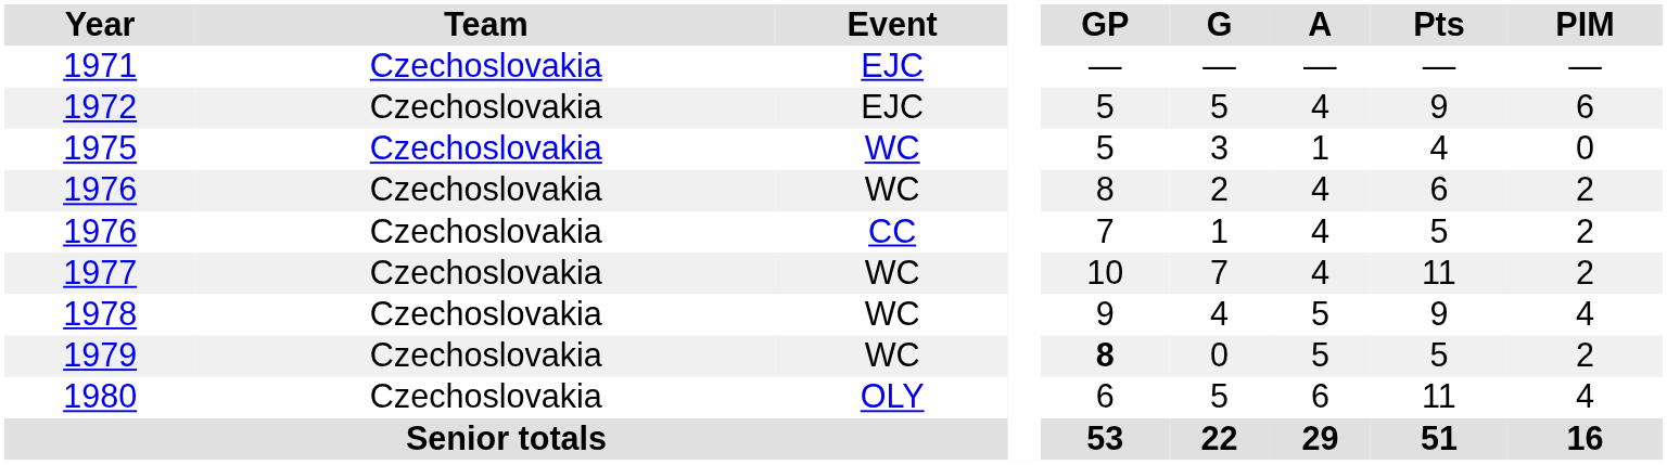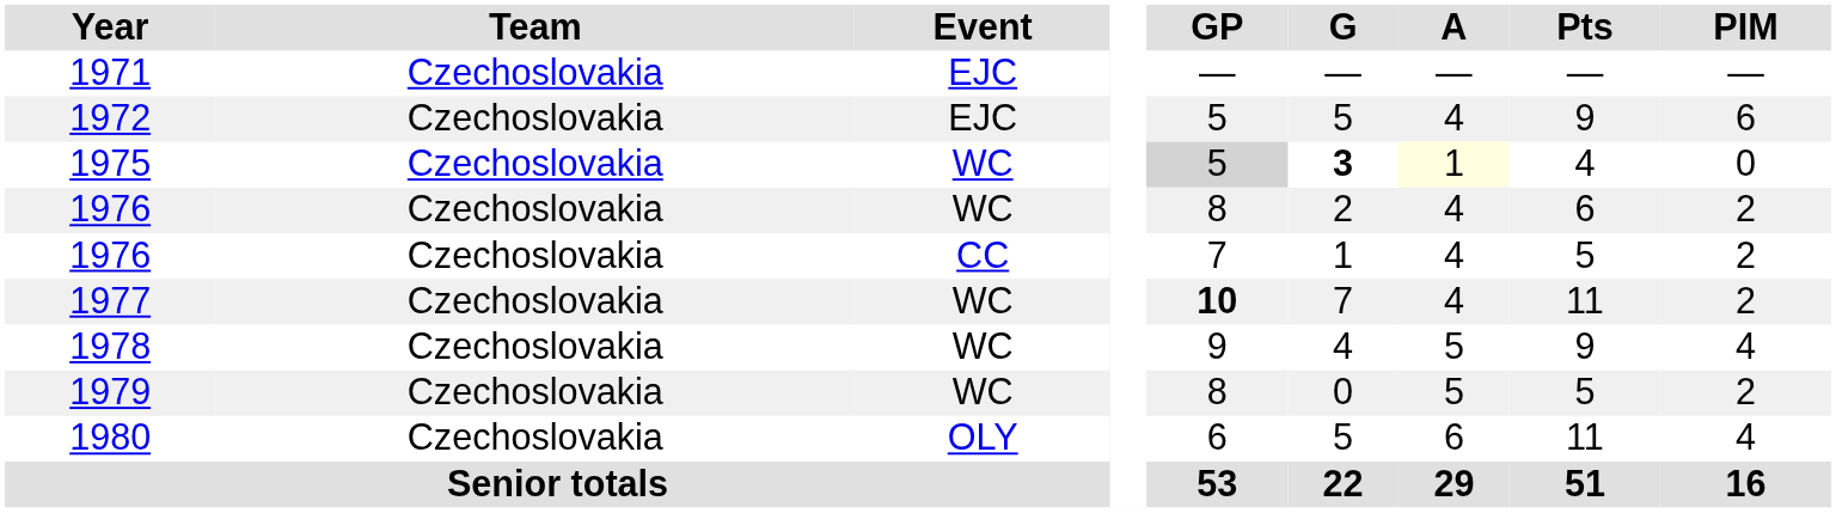 <table border="0" cellpadding="1" cellspacing="0" style="text-align:center; width:50em">
 <tr ALIGN="center" bgcolor="#e0e0e0">
 <th>Year</th>
 <th>Team</th>
 <th>Event</th>
 <th rowspan="99" bgcolor="#ffffff"> </th>
 <th>GP</th>
 <th>G</th>
 <th>A</th>
 <th>Pts</th>
 <th>PIM</th>
 </tr>
 <tr>
 <td><a href='#'>1971</a></td>
 <td><a href='#'>Czechoslovakia</a></td>
 <td><a href='#'>EJC</a></td>
 <td>—</td>
 <td>—</td>
 <td>—</td>
 <td>—</td>
 <td>—</td>
 </tr>
 <tr bgcolor="#f0f0f0">
 <td><a href='#'>1972</a></td>
 <td>Czechoslovakia</td>
 <td>EJC</td>
 <td>5</td>
 <td>5</td>
 <td>4</td>
 <td>9</td>
 <td>6</td>
 </tr>
 <tr>
 </tr>
 <tr>
 <td><a href='#'>1975</a></td>
 <td><a href='#'>Czechoslovakia</a></td>
 <td><a href='#'>WC</a></td>
-<td>5</td>
-<td>3</td>
-<td>1</td>
+<td style="background: lightgrey;">5</td>
+<td><strong>3</strong></td>
+<td style="background: lightyellow;">1</td>
 <td>4</td>
 <td>0</td>
 </tr>
 <tr bgcolor="#f0f0f0">
 <td><a href='#'>1976</a></td>
 <td>Czechoslovakia</td>
 <td>WC</td>
 <td>8</td>
 <td>2</td>
 <td>4</td>
 <td>6</td>
 <td>2</td>
 </tr>
 <tr>
 <td><a href='#'>1976</a></td>
 <td>Czechoslovakia</td>
 <td><a href='#'>CC</a></td>
 <td>7</td>
 <td>1</td>
 <td>4</td>
 <td>5</td>
 <td>2</td>
 </tr>
 <tr bgcolor="#f0f0f0">
 <td><a href='#'>1977</a></td>
 <td>Czechoslovakia</td>
 <td>WC</td>
-<td>10</td>
+<td><strong>10</strong></td>
 <td>7</td>
 <td>4</td>
 <td>11</td>
 <td>2</td>
 </tr>
 <tr>
 <td><a href='#'>1978</a></td>
 <td>Czechoslovakia</td>
 <td>WC</td>
 <td>9</td>
 <td>4</td>
 <td>5</td>
 <td>9</td>
 <td>4</td>
 </tr>
 <tr bgcolor="#f0f0f0">
 <td><a href='#'>1979</a></td>
 <td>Czechoslovakia</td>
 <td>WC</td>
-<td><strong>8</strong></td>
+<td>8</td>
 <td>0</td>
 <td>5</td>
 <td>5</td>
 <td>2</td>
 </tr>
 <tr>
 <td><a href='#'>1980</a></td>
 <td>Czechoslovakia</td>
 <td><a href='#'>OLY</a></td>
 <td>6</td>
 <td>5</td>
 <td>6</td>
 <td>11</td>
 <td>4</td>
 </tr>
 <tr bgcolor="#e0e0e0">
 <th colspan=3>Senior totals</th>
 <th>53</th>
 <th>22</th>
 <th>29</th>
 <th>51</th>
 <th>16</th>
 </tr>
 </table>
